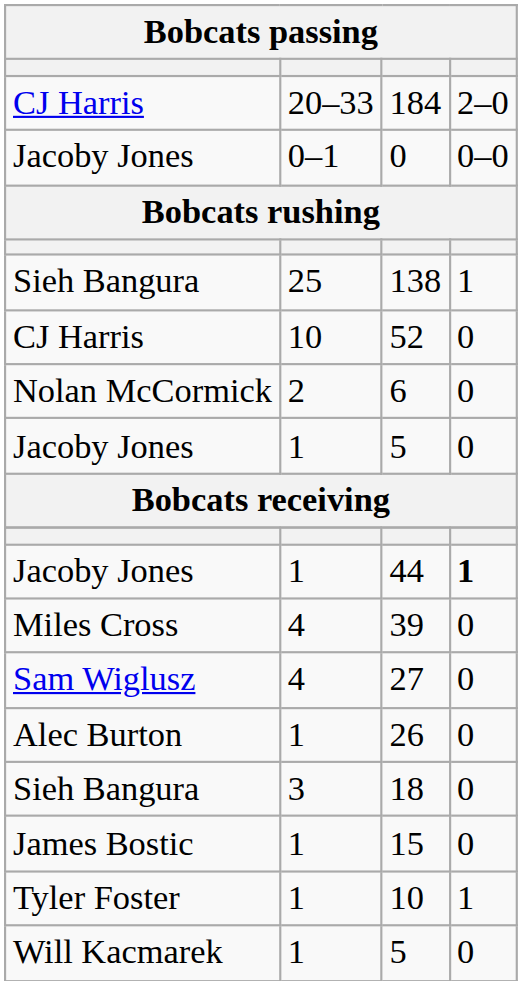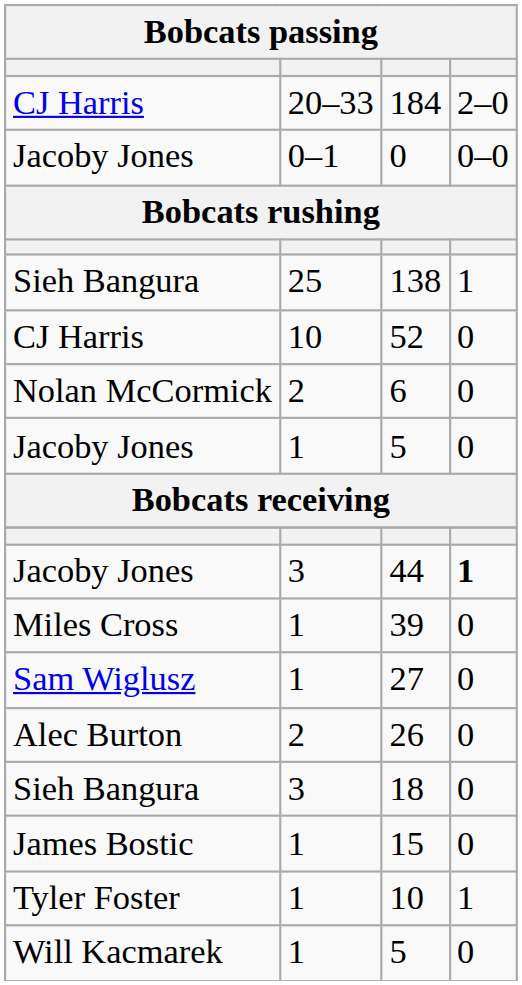 <table class="wikitable plainrowheaders">
 <tr>
 <th colspan="6">Bobcats passing</th>
 </tr>
 <tr>
 <th scope="col"></th>
 <th scope="col"></th>
 <th scope="col"></th>
 <th scope="col"></th>
 </tr>
 <tr>
 <td><a href='#'>CJ Harris</a></td>
 <td>20–33</td>
 <td>184</td>
 <td>2–0</td>
 </tr>
 <tr>
 <td>Jacoby Jones</td>
 <td>0–1</td>
 <td>0</td>
 <td>0–0</td>
 </tr>
 <tr>
 <th colspan="6">Bobcats rushing</th>
 </tr>
 <tr>
 <th scope="col"></th>
 <th scope="col"></th>
 <th scope="col"></th>
 <th scope="col"></th>
 </tr>
 <tr>
 <td>Sieh Bangura</td>
 <td>25</td>
 <td>138</td>
 <td>1</td>
 </tr>
 <tr>
 <td>CJ Harris</td>
 <td>10</td>
 <td>52</td>
 <td>0</td>
 </tr>
 <tr>
 <td>Nolan McCormick</td>
 <td>2</td>
 <td>6</td>
 <td>0</td>
 </tr>
 <tr>
 <td>Jacoby Jones</td>
 <td>1</td>
 <td>5</td>
 <td>0</td>
 </tr>
 <tr>
 <th colspan="6">Bobcats receiving</th>
 </tr>
 <tr>
 </tr>
 <tr>
 <th scope="col"></th>
 <th scope="col"></th>
 <th scope="col"></th>
 <th scope="col"></th>
 </tr>
 <tr>
 <td>Jacoby Jones</td>
-<td>1</td>
+<td>3</td>
 <td>44</td>
 <td><strong>1</strong></td>
 </tr>
 <tr>
 <td>Miles Cross</td>
-<td>4</td>
+<td>1</td>
 <td>39</td>
 <td>0</td>
 </tr>
 <tr>
 <td><a href='#'>Sam Wiglusz</a></td>
-<td>4</td>
+<td>1</td>
 <td>27</td>
 <td>0</td>
 </tr>
 <tr>
 <td>Alec Burton</td>
-<td>1</td>
+<td>2</td>
 <td>26</td>
 <td>0</td>
 </tr>
 <tr>
 <td>Sieh Bangura</td>
 <td>3</td>
 <td>18</td>
 <td>0</td>
 </tr>
 <tr>
 <td>James Bostic</td>
 <td>1</td>
 <td>15</td>
 <td>0</td>
 </tr>
 <tr>
 <td>Tyler Foster</td>
 <td>1</td>
 <td>10</td>
 <td>1</td>
 </tr>
 <tr>
 <td>Will Kacmarek</td>
 <td>1</td>
 <td>5</td>
 <td>0</td>
 </tr>
 </table>
